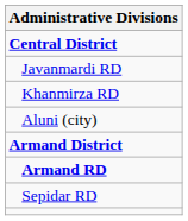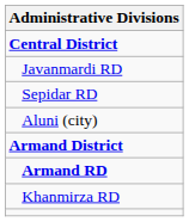 <table class="wikitable">
 <tr>
 <th>Administrative Divisions</th>
 </tr>
 <tr>
 <td><strong><a href='#'>Central District</a></strong></td>
 </tr>
 <tr>
 <td style="padding-left: 1em;"><a href='#'>Javanmardi RD</a></td>
 </tr>
 <tr>
-<td style="padding-left: 1em;"><a href='#'>Khanmirza RD</a></td>
+<td style="padding-left: 1em;"><a href='#'>Sepidar RD</a></td>
 </tr>
 <tr>
 <td style="padding-left: 1em;"><a href='#'>Aluni</a> (city)</td>
 </tr>
 <tr>
 <td><strong><a href='#'>Armand District</a></strong></td>
 </tr>
 <tr>
 <td style="padding-left: 1em;"><strong><a href='#'>Armand RD</a></strong></td>
 </tr>
 <tr>
-<td style="padding-left: 1em;"><a href='#'>Sepidar RD</a></td>
+<td style="padding-left: 1em;"><a href='#'>Khanmirza RD</a></td>
 </tr>
 <tr>
 <td colspan=1></td>
 </tr>
 </table>
